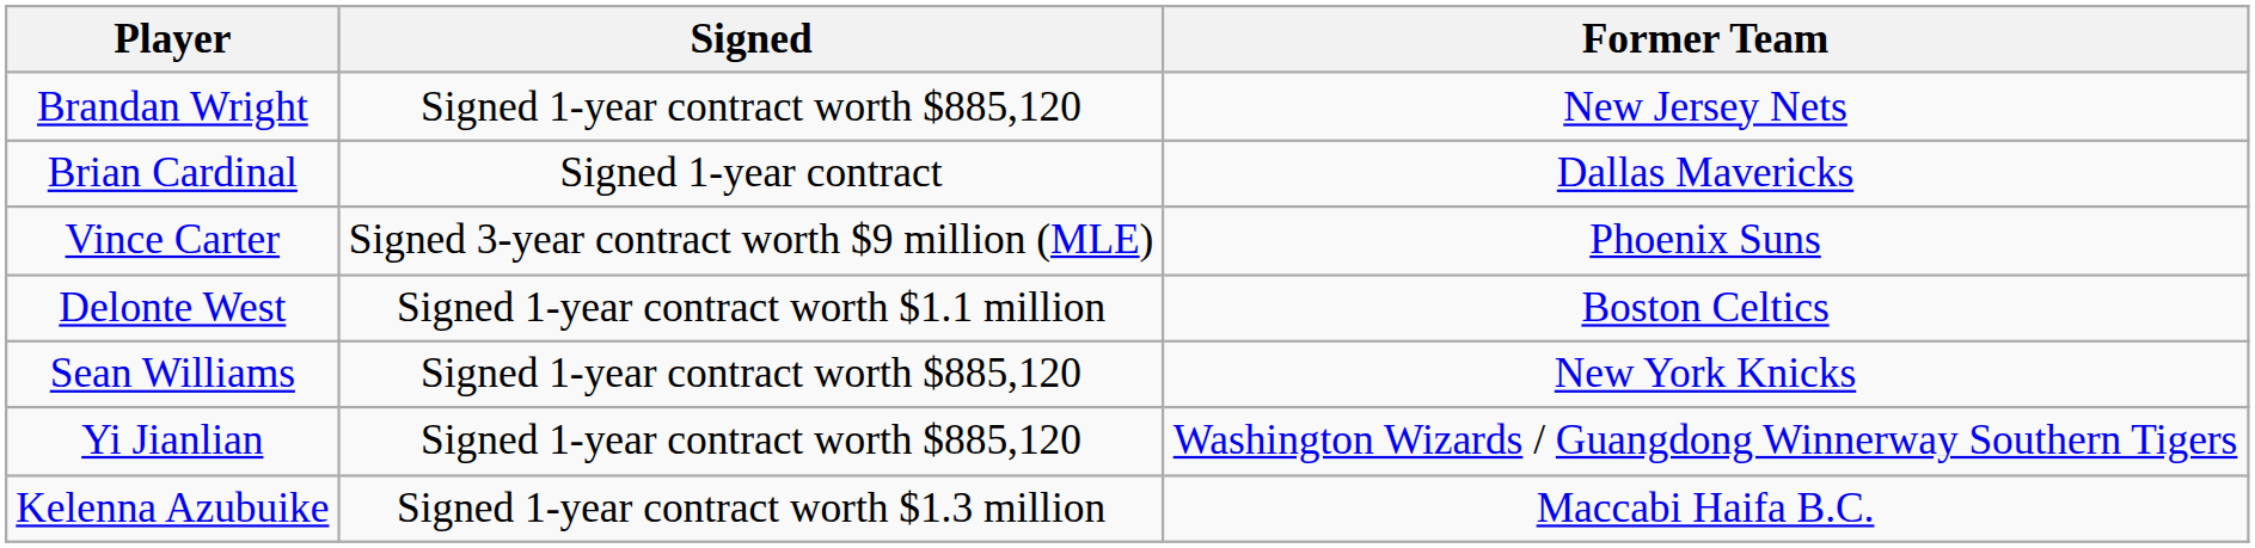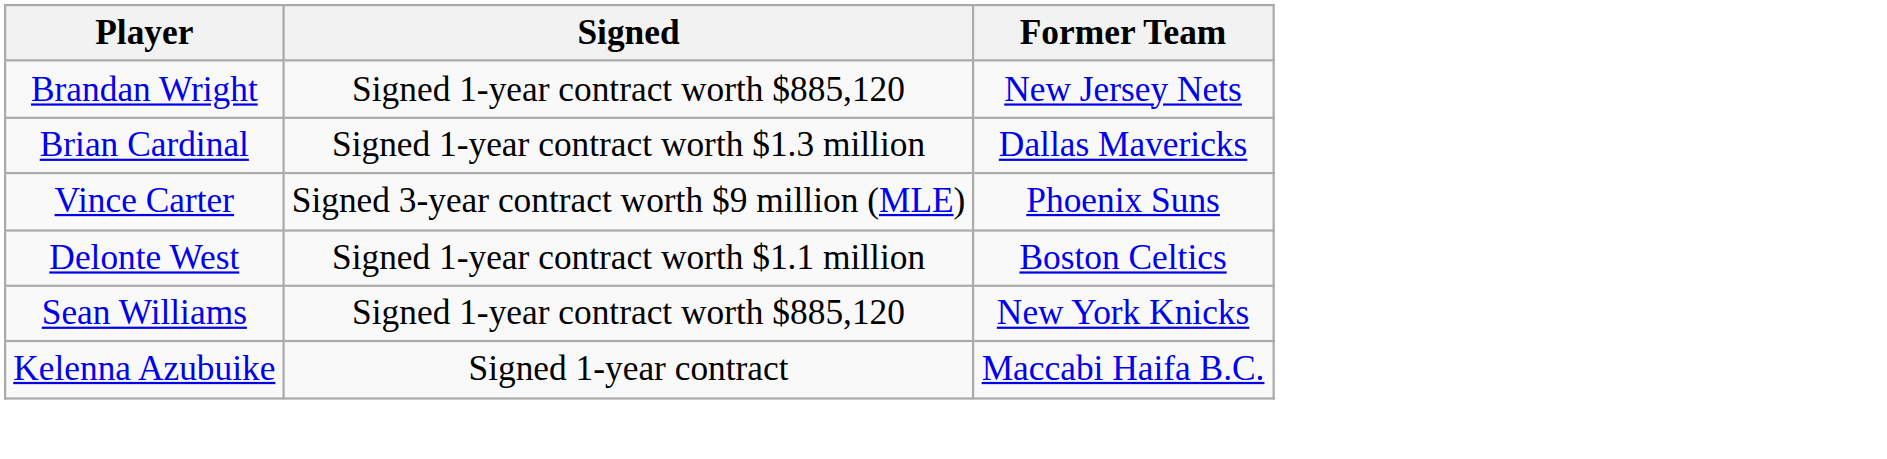 <table class="wikitable sortable sortable">
 <tr>
 <th>Player</th>
 <th>Signed</th>
 <th>Former Team</th>
 </tr>
 <tr style="text-align: center">
 <td><a href='#'>Brandan Wright</a></td>
 <td>Signed 1-year contract worth $885,120</td>
 <td><a href='#'>New Jersey Nets</a></td>
 </tr>
 <tr style="text-align: center">
 <td><a href='#'>Brian Cardinal</a></td>
-<td>Signed 1-year contract</td>
+<td>Signed 1-year contract worth $1.3 million</td>
 <td><a href='#'>Dallas Mavericks</a></td>
 </tr>
 <tr style="text-align: center">
 <td><a href='#'>Vince Carter</a></td>
 <td>Signed 3-year contract worth $9 million (<a href='#'>MLE</a>)</td>
 <td><a href='#'>Phoenix Suns</a></td>
 </tr>
 <tr style="text-align: center">
 <td><a href='#'>Delonte West</a></td>
 <td>Signed 1-year contract worth $1.1 million</td>
 <td><a href='#'>Boston Celtics</a></td>
 </tr>
 <tr style="text-align: center">
 <td><a href='#'>Sean Williams</a></td>
 <td>Signed 1-year contract worth $885,120</td>
 <td><a href='#'>New York Knicks</a></td>
 </tr>
 <tr style="text-align: center">
-<td><a href='#'>Yi Jianlian</a></td>
-<td>Signed 1-year contract worth $885,120</td>
-<td><a href='#'>Washington Wizards</a> /  <a href='#'>Guangdong Winnerway Southern Tigers</a></td>
-</tr>
-<tr style="text-align: center">
 <td><a href='#'>Kelenna Azubuike</a></td>
-<td>Signed 1-year contract worth $1.3 million</td>
+<td>Signed 1-year contract</td>
 <td> <a href='#'>Maccabi Haifa B.C.</a></td>
 </tr>
 </table>
